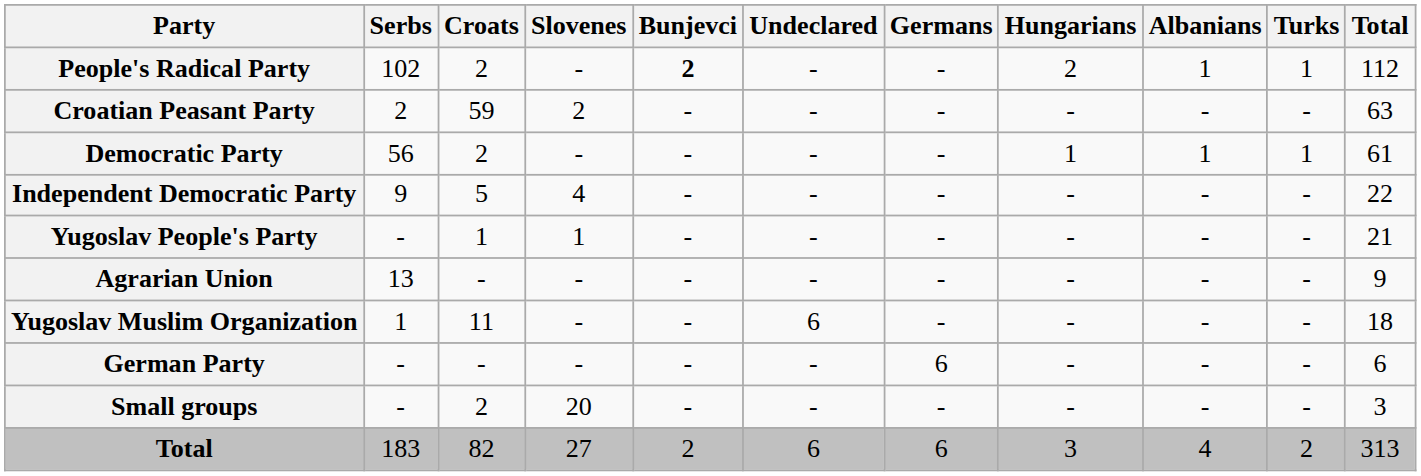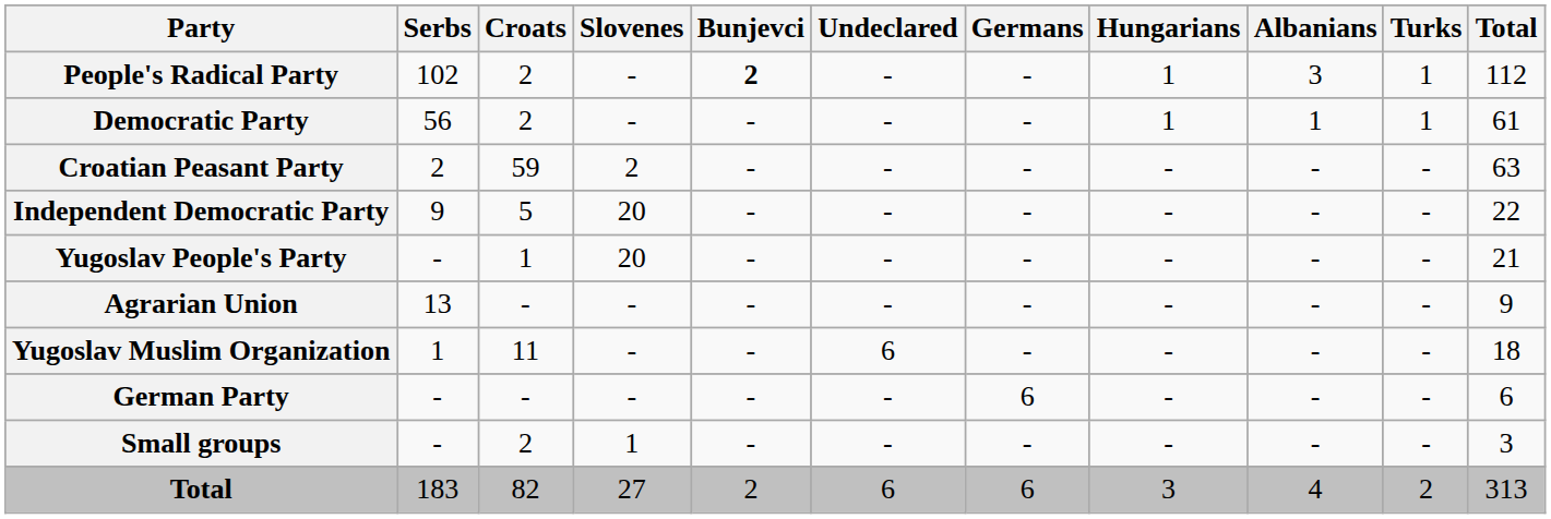 <table class="wikitable" style="text-align:center; font-size:92%;">
 <tr>
 <th>Party</th>
 <th>Serbs</th>
 <th>Croats</th>
 <th>Slovenes</th>
 <th>Bunjevci</th>
 <th>Undeclared</th>
 <th>Germans</th>
 <th>Hungarians</th>
 <th>Albanians</th>
 <th>Turks</th>
 <th>Total</th>
 </tr>
 <tr>
 <th>People's Radical Party</th>
 <td>102</td>
 <td>2</td>
 <td>-</td>
 <td><strong>2</strong></td>
 <td>-</td>
 <td>-</td>
+<td>1</td>
+<td>3</td>
+<td>1</td>
+<td>112</td>
+</tr>
+<tr>
+<th>Democratic Party</th>
+<td>56</td>
 <td>2</td>
+<td>-</td>
+<td>-</td>
+<td>-</td>
+<td>-</td>
 <td>1</td>
 <td>1</td>
-<td>112</td>
+<td>1</td>
+<td>61</td>
 </tr>
 <tr>
 <th>Croatian Peasant Party</th>
 <td>2</td>
 <td>59</td>
 <td>2</td>
 <td>-</td>
 <td>-</td>
 <td>-</td>
 <td>-</td>
 <td>-</td>
 <td>-</td>
 <td>63</td>
 </tr>
 <tr>
-<th>Democratic Party</th>
-<td>56</td>
-<td>2</td>
-<td>-</td>
-<td>-</td>
-<td>-</td>
-<td>-</td>
-<td>1</td>
-<td>1</td>
-<td>1</td>
-<td>61</td>
-</tr>
-<tr>
 <th>Independent Democratic Party</th>
 <td>9</td>
 <td>5</td>
-<td>4</td>
+<td>20</td>
 <td>-</td>
 <td>-</td>
 <td>-</td>
 <td>-</td>
 <td>-</td>
 <td>-</td>
 <td>22</td>
 </tr>
 <tr>
 <th>Yugoslav People's Party</th>
 <td>-</td>
 <td>1</td>
-<td>1</td>
+<td>20</td>
 <td>-</td>
 <td>-</td>
 <td>-</td>
 <td>-</td>
 <td>-</td>
 <td>-</td>
 <td>21</td>
 </tr>
 <tr>
 <th>Agrarian Union</th>
 <td>13</td>
 <td>-</td>
 <td>-</td>
 <td>-</td>
 <td>-</td>
 <td>-</td>
 <td>-</td>
 <td>-</td>
 <td>-</td>
 <td>9</td>
 </tr>
 <tr>
 <th>Yugoslav Muslim Organization</th>
 <td>1</td>
 <td>11</td>
 <td>-</td>
 <td>-</td>
 <td>6</td>
 <td>-</td>
 <td>-</td>
 <td>-</td>
 <td>-</td>
 <td>18</td>
 </tr>
 <tr>
 <th>German Party</th>
 <td>-</td>
 <td>-</td>
 <td>-</td>
 <td>-</td>
 <td>-</td>
 <td>6</td>
 <td>-</td>
 <td>-</td>
 <td>-</td>
 <td>6</td>
 </tr>
 <tr>
 <th>Small groups</th>
 <td>-</td>
 <td>2</td>
-<td>20</td>
+<td>1</td>
 <td>-</td>
 <td>-</td>
 <td>-</td>
 <td>-</td>
 <td>-</td>
 <td>-</td>
 <td>3</td>
 </tr>
 <tr>
 <th style="background:silver">Total</th>
 <td style="background:silver">183</td>
 <td style="background:silver">82</td>
 <td style="background:silver">27</td>
 <td style="background:silver">2</td>
 <td style="background:silver">6</td>
 <td style="background:silver">6</td>
 <td style="background:silver">3</td>
 <td style="background:silver">4</td>
 <td style="background:silver">2</td>
 <td style="background:silver">313</td>
 </tr>
 </table>
